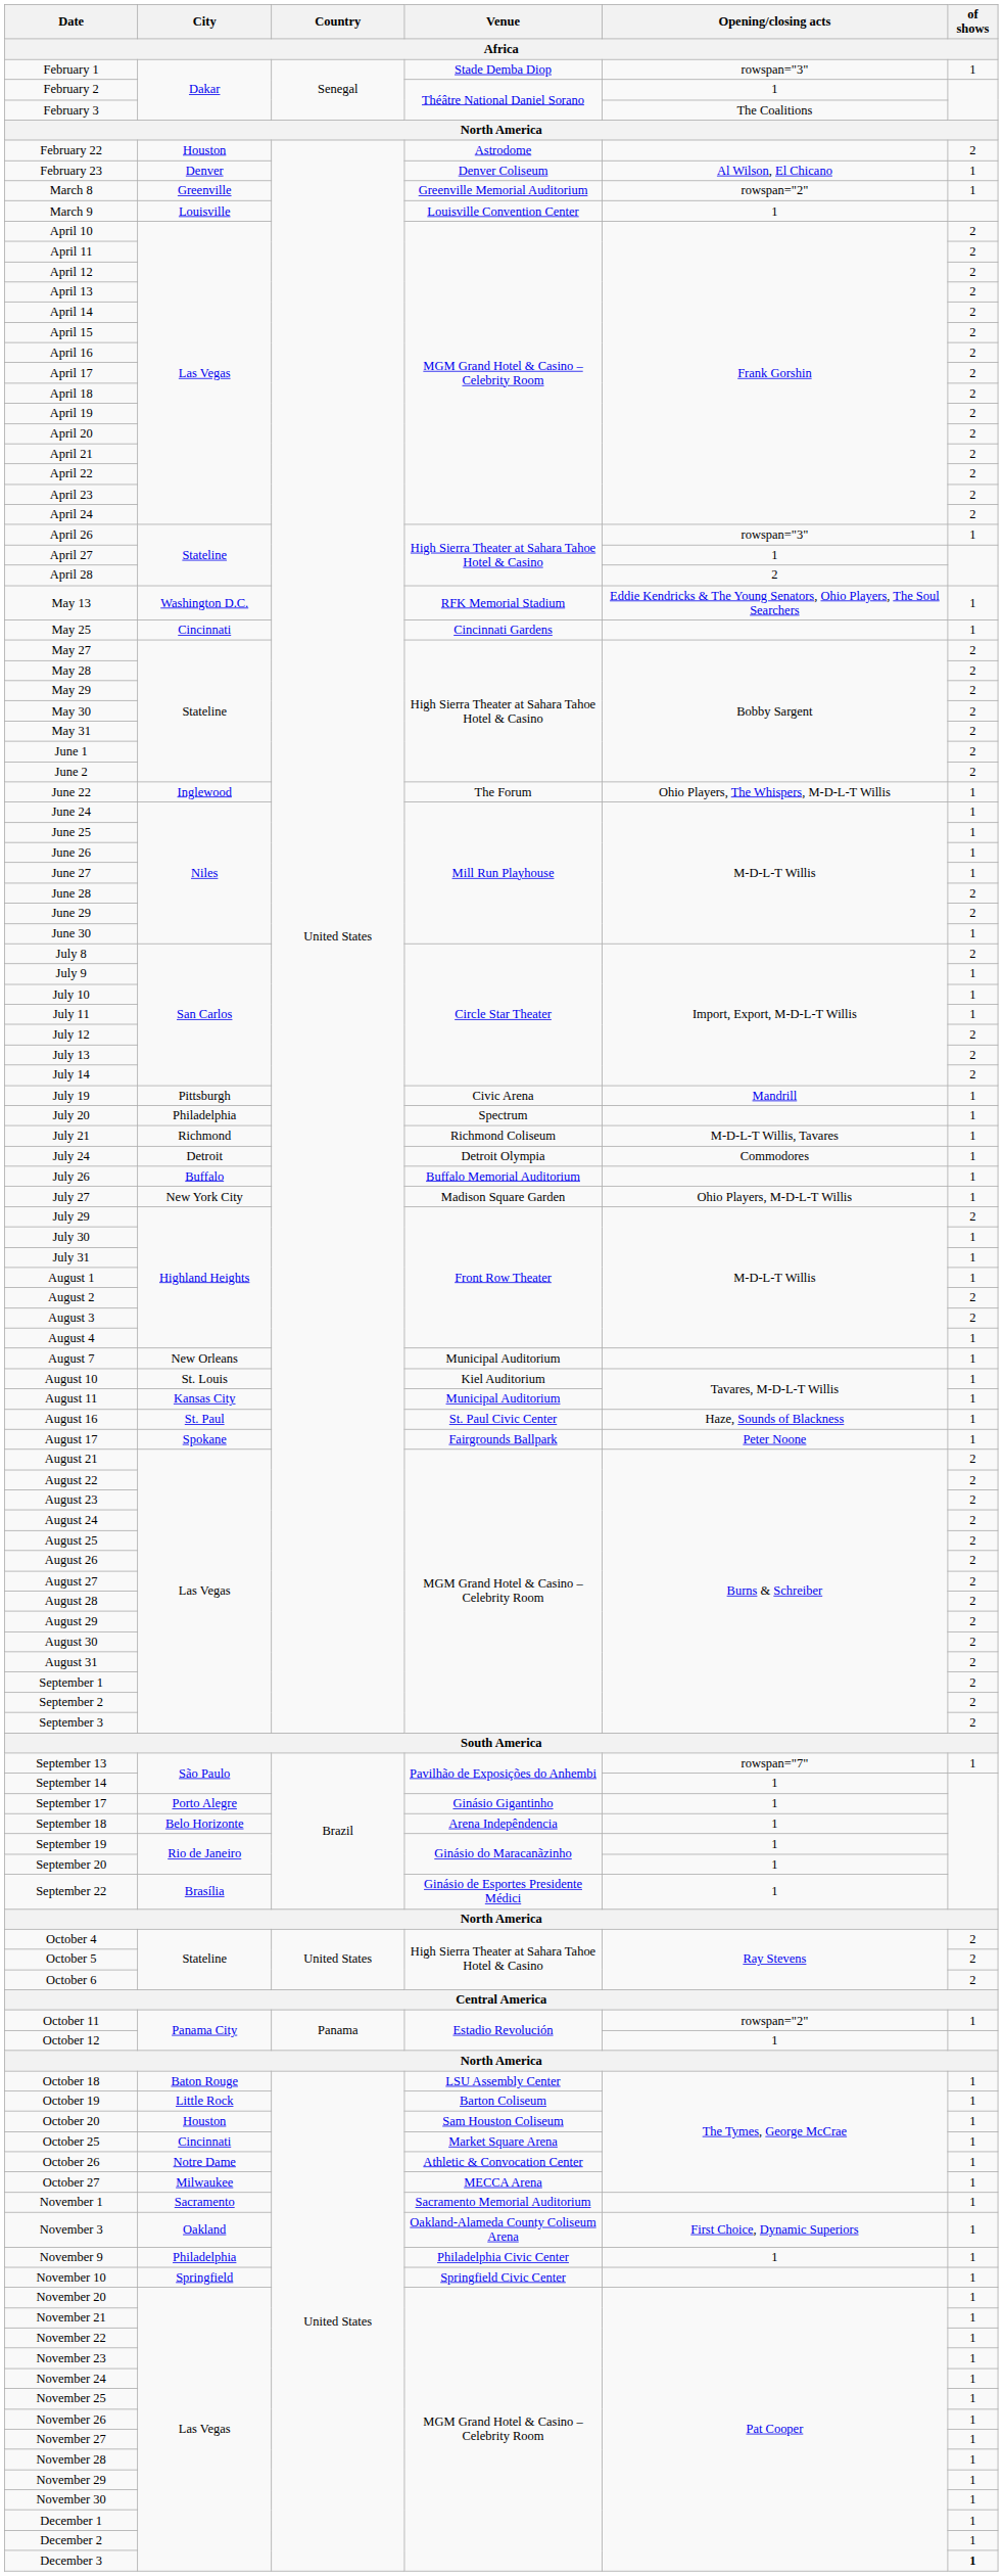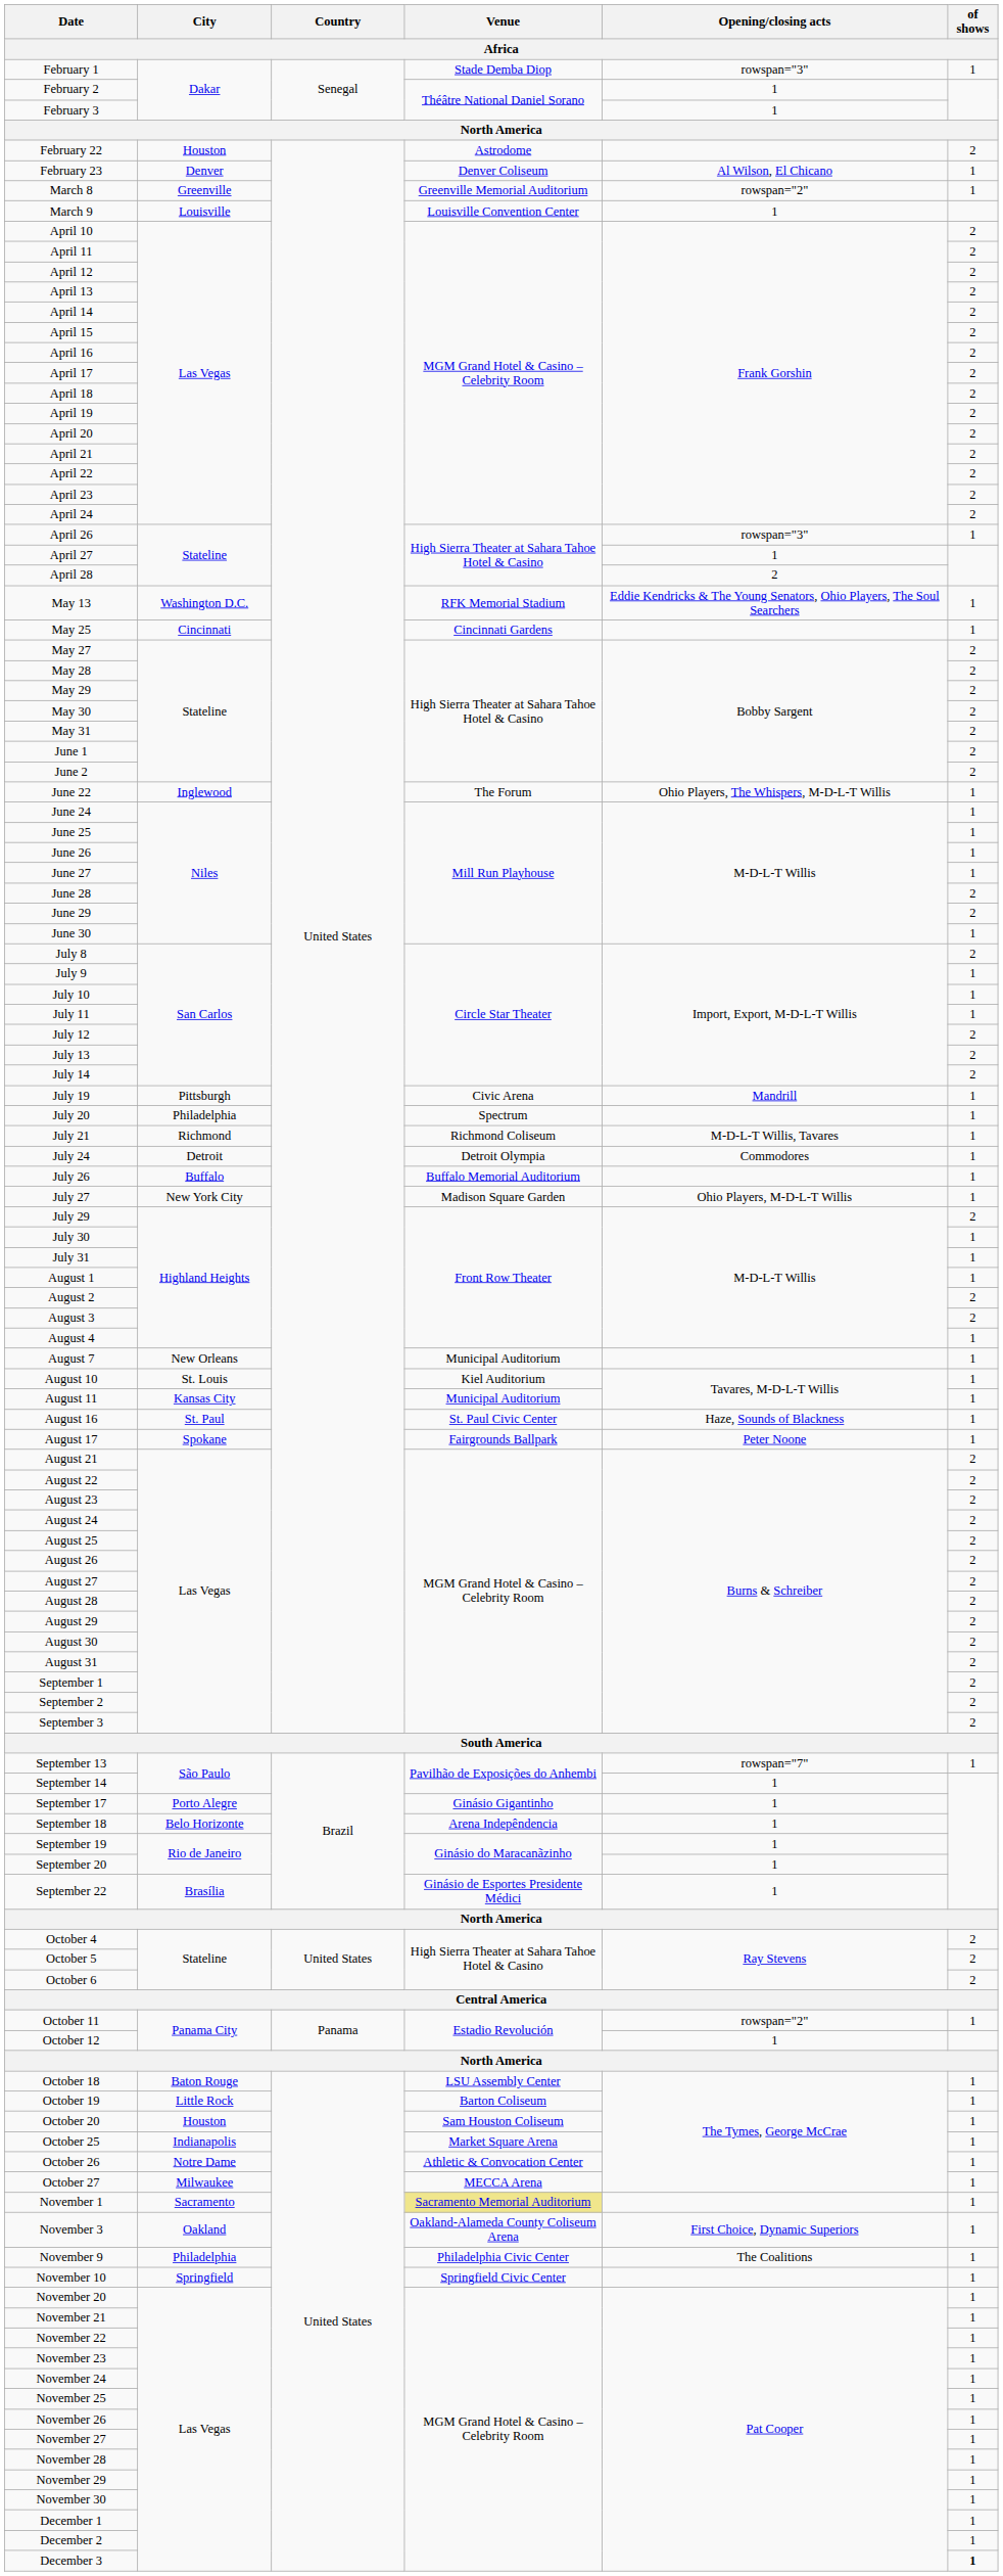 <table class="wikitable" style="text-align:center;">
 <tr>
 <th scope="col" style="width:10em;">Date</th>
 <th scope="col" style="width:10em;">City</th>
 <th scope="col" style="width:10em;">Country</th>
 <th scope="col" style="width:15em;">Venue</th>
 <th>Opening/closing acts</th>
 <th> of shows</th>
 </tr>
 <tr>
 <th colspan="6">Africa</th>
 </tr>
 <tr>
 <td>February 1</td>
 <td rowspan="3"><a href='#'>Dakar</a></td>
 <td rowspan="3">Senegal</td>
 <td><a href='#'>Stade Demba Diop</a></td>
 <td>rowspan="3" </td>
 <td>1</td>
 </tr>
 <tr>
 <td>February 2</td>
 <td rowspan="2"><a href='#'>Théâtre National Daniel Sorano</a></td>
 <td>1</td>
 </tr>
 <tr>
 <td>February 3</td>
-<td>The Coalitions</td>
+<td>1</td>
 </tr>
 <tr>
 <th colspan="6">North America</th>
 </tr>
 <tr>
 <td>February 22</td>
 <td><a href='#'>Houston</a></td>
 <td rowspan="78">United States</td>
 <td><a href='#'>Astrodome</a></td>
 <td></td>
 <td>2</td>
 </tr>
 <tr>
 <td>February 23</td>
 <td><a href='#'>Denver</a></td>
 <td><a href='#'>Denver Coliseum</a></td>
 <td><a href='#'>Al Wilson</a>, <a href='#'>El Chicano</a></td>
 <td>1</td>
 </tr>
 <tr>
 <td>March 8</td>
 <td><a href='#'>Greenville</a></td>
 <td><a href='#'>Greenville Memorial Auditorium</a></td>
 <td>rowspan="2" </td>
 <td>1</td>
 </tr>
 <tr>
 <td>March 9</td>
 <td><a href='#'>Louisville</a></td>
 <td><a href='#'>Louisville Convention Center</a></td>
 <td>1</td>
 </tr>
 <tr>
 <td>April 10</td>
 <td rowspan="15"><a href='#'>Las Vegas</a></td>
 <td rowspan="15"><a href='#'>MGM Grand Hotel & Casino – Celebrity Room</a></td>
 <td rowspan="15"><a href='#'>Frank Gorshin</a></td>
 <td>2</td>
 </tr>
 <tr>
 <td>April 11</td>
 <td>2</td>
 </tr>
 <tr>
 <td>April 12</td>
 <td>2</td>
 </tr>
 <tr>
 <td>April 13</td>
 <td>2</td>
 </tr>
 <tr>
 <td>April 14</td>
 <td>2</td>
 </tr>
 <tr>
 <td>April 15</td>
 <td>2</td>
 </tr>
 <tr>
 <td>April 16</td>
 <td>2</td>
 </tr>
 <tr>
 <td>April 17</td>
 <td>2</td>
 </tr>
 <tr>
 <td>April 18</td>
 <td>2</td>
 </tr>
 <tr>
 <td>April 19</td>
 <td>2</td>
 </tr>
 <tr>
 <td>April 20</td>
 <td>2</td>
 </tr>
 <tr>
 <td>April 21</td>
 <td>2</td>
 </tr>
 <tr>
 <td>April 22</td>
 <td>2</td>
 </tr>
 <tr>
 <td>April 23</td>
 <td>2</td>
 </tr>
 <tr>
 <td>April 24</td>
 <td>2</td>
 </tr>
 <tr>
 <td>April 26</td>
 <td rowspan="3"><a href='#'>Stateline</a></td>
 <td rowspan="3"><a href='#'>High Sierra Theater at Sahara Tahoe Hotel & Casino</a></td>
 <td>rowspan="3" </td>
 <td>1</td>
 </tr>
 <tr>
 <td>April 27</td>
 <td>1</td>
 </tr>
 <tr>
 <td>April 28</td>
 <td>2</td>
 </tr>
 <tr>
 <td>May 13</td>
 <td><a href='#'>Washington D.C.</a></td>
 <td><a href='#'>RFK Memorial Stadium</a></td>
 <td><a href='#'>Eddie Kendricks & The Young Senators</a>, <a href='#'>Ohio Players</a>, <a href='#'>The Soul Searchers</a></td>
 <td>1</td>
 </tr>
 <tr>
 <td>May 25</td>
 <td><a href='#'>Cincinnati</a></td>
 <td><a href='#'>Cincinnati Gardens</a></td>
 <td></td>
 <td>1</td>
 </tr>
 <tr>
 <td>May 27</td>
 <td rowspan="7">Stateline</td>
 <td rowspan="7">High Sierra Theater at Sahara Tahoe Hotel & Casino</td>
 <td rowspan="7">Bobby Sargent</td>
 <td>2</td>
 </tr>
 <tr>
 <td>May 28</td>
 <td>2</td>
 </tr>
 <tr>
 <td>May 29</td>
 <td>2</td>
 </tr>
 <tr>
 <td>May 30</td>
 <td>2</td>
 </tr>
 <tr>
 <td>May 31</td>
 <td>2</td>
 </tr>
 <tr>
 <td>June 1</td>
 <td>2</td>
 </tr>
 <tr>
 <td>June 2</td>
 <td>2</td>
 </tr>
 <tr>
 <td>June 22</td>
 <td><a href='#'>Inglewood</a></td>
 <td>The Forum</td>
 <td>Ohio Players, <a href='#'>The Whispers</a>, M-D-L-T Willis</td>
 <td>1</td>
 </tr>
 <tr>
 <td>June 24</td>
 <td rowspan="7"><a href='#'>Niles</a></td>
 <td rowspan="7"><a href='#'>Mill Run Playhouse</a></td>
 <td rowspan="7">M-D-L-T Willis</td>
 <td>1</td>
 </tr>
 <tr>
 <td>June 25</td>
 <td>1</td>
 </tr>
 <tr>
 <td>June 26</td>
 <td>1</td>
 </tr>
 <tr>
 <td>June 27</td>
 <td>1</td>
 </tr>
 <tr>
 <td>June 28</td>
 <td>2</td>
 </tr>
 <tr>
 <td>June 29</td>
 <td>2</td>
 </tr>
 <tr>
 <td>June 30</td>
 <td>1</td>
 </tr>
 <tr>
 <td>July 8</td>
 <td rowspan="7"><a href='#'>San Carlos</a></td>
 <td rowspan="7"><a href='#'>Circle Star Theater</a></td>
 <td rowspan="7">Import, Export, M-D-L-T Willis</td>
 <td>2</td>
 </tr>
 <tr>
 <td>July 9</td>
 <td>1</td>
 </tr>
 <tr>
 <td>July 10</td>
 <td>1</td>
 </tr>
 <tr>
 <td>July 11</td>
 <td>1</td>
 </tr>
 <tr>
 <td>July 12</td>
 <td>2</td>
 </tr>
 <tr>
 <td>July 13</td>
 <td>2</td>
 </tr>
 <tr>
 <td>July 14</td>
 <td>2</td>
 </tr>
 <tr>
 <td>July 19</td>
 <td>Pittsburgh</td>
 <td>Civic Arena</td>
 <td><a href='#'>Mandrill</a></td>
 <td>1</td>
 </tr>
 <tr>
 <td>July 20</td>
 <td>Philadelphia</td>
 <td>Spectrum</td>
 <td></td>
 <td>1</td>
 </tr>
 <tr>
 <td>July 21</td>
 <td>Richmond</td>
 <td>Richmond Coliseum</td>
 <td>M-D-L-T Willis, Tavares</td>
 <td>1</td>
 </tr>
 <tr>
 <td>July 24</td>
 <td>Detroit</td>
 <td>Detroit Olympia</td>
 <td>Commodores</td>
 <td>1</td>
 </tr>
 <tr>
 <td>July 26</td>
 <td><a href='#'>Buffalo</a></td>
 <td><a href='#'>Buffalo Memorial Auditorium</a></td>
 <td></td>
 <td>1</td>
 </tr>
 <tr>
 <td>July 27</td>
 <td>New York City</td>
 <td>Madison Square Garden</td>
 <td>Ohio Players, M-D-L-T Willis</td>
 <td>1</td>
 </tr>
 <tr>
 <td>July 29</td>
 <td rowspan="7"><a href='#'>Highland Heights</a></td>
 <td rowspan="7"><a href='#'>Front Row Theater</a></td>
 <td rowspan="7">M-D-L-T Willis</td>
 <td>2</td>
 </tr>
 <tr>
 <td>July 30</td>
 <td>1</td>
 </tr>
 <tr>
 <td>July 31</td>
 <td>1</td>
 </tr>
 <tr>
 <td>August 1</td>
 <td>1</td>
 </tr>
 <tr>
 <td>August 2</td>
 <td>2</td>
 </tr>
 <tr>
 <td>August 3</td>
 <td>2</td>
 </tr>
 <tr>
 <td>August 4</td>
 <td>1</td>
 </tr>
 <tr>
 <td>August 7</td>
 <td>New Orleans</td>
 <td>Municipal Auditorium</td>
 <td></td>
 <td>1</td>
 </tr>
 <tr>
 <td>August 10</td>
 <td>St. Louis</td>
 <td>Kiel Auditorium</td>
 <td rowspan="2">Tavares, M-D-L-T Willis</td>
 <td>1</td>
 </tr>
 <tr>
 <td>August 11</td>
 <td><a href='#'>Kansas City</a></td>
 <td><a href='#'>Municipal Auditorium</a></td>
 <td>1</td>
 </tr>
 <tr>
 <td>August 16</td>
 <td><a href='#'>St. Paul</a></td>
 <td><a href='#'>St. Paul Civic Center</a></td>
 <td>Haze, <a href='#'>Sounds of Blackness</a></td>
 <td>1</td>
 </tr>
 <tr>
 <td>August 17</td>
 <td><a href='#'>Spokane</a></td>
 <td><a href='#'>Fairgrounds Ballpark</a></td>
 <td><a href='#'>Peter Noone</a></td>
 <td>1</td>
 </tr>
 <tr>
 <td>August 21</td>
 <td rowspan="14">Las Vegas</td>
 <td rowspan="14">MGM Grand Hotel & Casino – Celebrity Room</td>
 <td rowspan="14"><a href='#'>Burns</a> & <a href='#'>Schreiber</a></td>
 <td>2</td>
 </tr>
 <tr>
 <td>August 22</td>
 <td>2</td>
 </tr>
 <tr>
 <td>August 23</td>
 <td>2</td>
 </tr>
 <tr>
 <td>August 24</td>
 <td>2</td>
 </tr>
 <tr>
 <td>August 25</td>
 <td>2</td>
 </tr>
 <tr>
 <td>August 26</td>
 <td>2</td>
 </tr>
 <tr>
 <td>August 27</td>
 <td>2</td>
 </tr>
 <tr>
 <td>August 28</td>
 <td>2</td>
 </tr>
 <tr>
 <td>August 29</td>
 <td>2</td>
 </tr>
 <tr>
 <td>August 30</td>
 <td>2</td>
 </tr>
 <tr>
 <td>August 31</td>
 <td>2</td>
 </tr>
 <tr>
 <td>September 1</td>
 <td>2</td>
 </tr>
 <tr>
 <td>September 2</td>
 <td>2</td>
 </tr>
 <tr>
 <td>September 3</td>
 <td>2</td>
 </tr>
 <tr>
 <th colspan="6">South America</th>
 </tr>
 <tr>
 <td>September 13</td>
 <td rowspan="2"><a href='#'>São Paulo</a></td>
 <td rowspan="7">Brazil</td>
 <td rowspan="2"><a href='#'>Pavilhão de Exposições do Anhembi</a></td>
 <td>rowspan="7" </td>
 <td>1</td>
 </tr>
 <tr>
 <td>September 14</td>
 <td>1</td>
 </tr>
 <tr>
 <td>September 17</td>
 <td><a href='#'>Porto Alegre</a></td>
 <td><a href='#'>Ginásio Gigantinho</a></td>
 <td>1</td>
 </tr>
 <tr>
 <td>September 18</td>
 <td><a href='#'>Belo Horizonte</a></td>
 <td><a href='#'>Arena Indepêndencia</a></td>
 <td>1</td>
 </tr>
 <tr>
 <td>September 19</td>
 <td rowspan="2"><a href='#'>Rio de Janeiro</a></td>
 <td rowspan="2"><a href='#'>Ginásio do Maracanãzinho</a></td>
 <td>1</td>
 </tr>
 <tr>
 <td>September 20</td>
 <td>1</td>
 </tr>
 <tr>
 <td>September 22</td>
 <td><a href='#'>Brasília</a></td>
 <td><a href='#'>Ginásio de Esportes Presidente Médici</a></td>
 <td>1</td>
 </tr>
 <tr>
 <th colspan="6">North America</th>
 </tr>
 <tr>
 <td>October 4</td>
 <td rowspan="3">Stateline</td>
 <td rowspan="3">United States</td>
 <td rowspan="3">High Sierra Theater at Sahara Tahoe Hotel & Casino</td>
 <td rowspan="3"><a href='#'>Ray Stevens</a></td>
 <td>2</td>
 </tr>
 <tr>
 <td>October 5</td>
 <td>2</td>
 </tr>
 <tr>
 <td>October 6</td>
 <td>2</td>
 </tr>
 <tr>
 <th colspan="6">Central America</th>
 </tr>
 <tr>
 <td>October 11</td>
 <td rowspan="2"><a href='#'>Panama City</a></td>
 <td rowspan="2">Panama</td>
 <td rowspan="2"><a href='#'>Estadio Revolución</a></td>
 <td>rowspan="2" </td>
 <td>1</td>
 </tr>
 <tr>
 <td>October 12</td>
 <td>1</td>
 </tr>
 <tr>
 <th colspan="6">North America</th>
 </tr>
 <tr>
 <td>October 18</td>
 <td><a href='#'>Baton Rouge</a></td>
 <td rowspan="24">United States</td>
 <td><a href='#'>LSU Assembly Center</a></td>
 <td rowspan="6"><a href='#'>The Tymes</a>, <a href='#'>George McCrae</a></td>
 <td>1</td>
 </tr>
 <tr>
 <td>October 19</td>
 <td><a href='#'>Little Rock</a></td>
 <td><a href='#'>Barton Coliseum</a></td>
 <td>1</td>
 </tr>
 <tr>
 <td>October 20</td>
 <td><a href='#'>Houston</a></td>
 <td><a href='#'>Sam Houston Coliseum</a></td>
 <td>1</td>
 </tr>
 <tr>
 <td>October 25</td>
-<td><a href='#'>Cincinnati</a></td>
+<td><a href='#'>Indianapolis</a></td>
 <td><a href='#'>Market Square Arena</a></td>
 <td>1</td>
 </tr>
 <tr>
 <td>October 26</td>
 <td><a href='#'>Notre Dame</a></td>
 <td><a href='#'>Athletic & Convocation Center</a></td>
 <td>1</td>
 </tr>
 <tr>
 <td>October 27</td>
 <td><a href='#'>Milwaukee</a></td>
 <td><a href='#'>MECCA Arena</a></td>
 <td>1</td>
 </tr>
 <tr>
 <td>November 1</td>
 <td><a href='#'>Sacramento</a></td>
-<td><a href='#'>Sacramento Memorial Auditorium</a></td>
+<td style="background: khaki;"><a href='#'>Sacramento Memorial Auditorium</a></td>
 <td></td>
 <td>1</td>
 </tr>
 <tr>
 <td>November 3</td>
 <td><a href='#'>Oakland</a></td>
 <td><a href='#'>Oakland-Alameda County Coliseum Arena</a></td>
 <td><a href='#'>First Choice</a>, <a href='#'>Dynamic Superiors</a></td>
 <td>1</td>
 </tr>
 <tr>
 <td>November 9</td>
 <td><a href='#'>Philadelphia</a></td>
 <td><a href='#'>Philadelphia Civic Center</a></td>
-<td>1</td>
+<td>The Coalitions</td>
 <td>1</td>
 </tr>
 <tr>
 <td>November 10</td>
 <td><a href='#'>Springfield</a></td>
 <td><a href='#'>Springfield Civic Center</a></td>
 <td></td>
 <td>1</td>
 </tr>
 <tr>
 <td>November 20</td>
 <td rowspan="14">Las Vegas</td>
 <td rowspan="14">MGM Grand Hotel & Casino – Celebrity Room</td>
 <td rowspan="14"><a href='#'>Pat Cooper</a></td>
 <td>1</td>
 </tr>
 <tr>
 <td>November 21</td>
 <td>1</td>
 </tr>
 <tr>
 <td>November 22</td>
 <td>1</td>
 </tr>
 <tr>
 <td>November 23</td>
 <td>1</td>
 </tr>
 <tr>
 <td>November 24</td>
 <td>1</td>
 </tr>
 <tr>
 <td>November 25</td>
 <td>1</td>
 </tr>
 <tr>
 <td>November 26</td>
 <td>1</td>
 </tr>
 <tr>
 <td>November 27</td>
 <td>1</td>
 </tr>
 <tr>
 <td>November 28</td>
 <td>1</td>
 </tr>
 <tr>
 <td>November 29</td>
 <td>1</td>
 </tr>
 <tr>
 <td>November 30</td>
 <td>1</td>
 </tr>
 <tr>
 <td>December 1</td>
 <td>1</td>
 </tr>
 <tr>
 <td>December 2</td>
 <td>1</td>
 </tr>
 <tr>
 <td>December 3</td>
 <td><strong>1</strong></td>
 </tr>
 </table>
